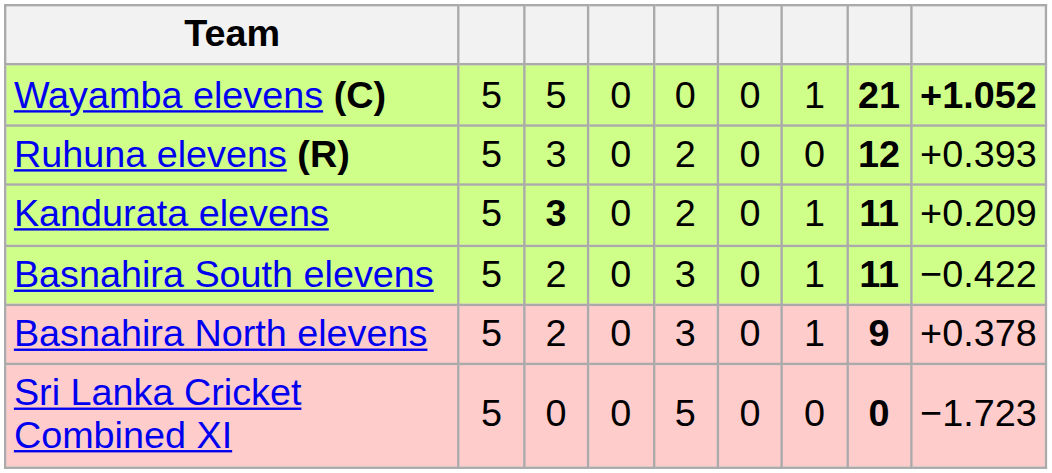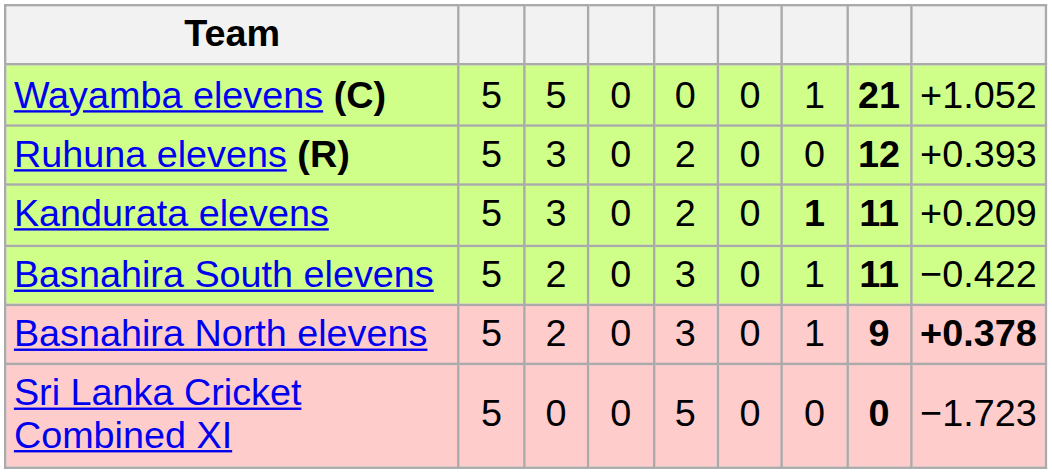 <table class="wikitable" style="text-align:center;">
 <tr>
 <th width=185>Team</th>
 <th width=20></th>
 <th width=20></th>
 <th width=20></th>
 <th width=20></th>
 <th width=20></th>
 <th width=20></th>
 <th width=20></th>
 <th width=20></th>
 </tr>
 <tr style="background:#cfff88;">
 <td style="text-align:left;"><a href='#'>Wayamba elevens</a> <strong>(C)</strong></td>
 <td>5</td>
 <td>5</td>
 <td>0</td>
 <td>0</td>
 <td>0</td>
 <td>1</td>
 <td><strong>21</strong></td>
-<td><strong>+1.052</strong></td>
+<td>+1.052</td>
 </tr>
 <tr style="background:#cfff88;">
 <td style="text-align:left;"><a href='#'>Ruhuna elevens</a> <strong>(R)</strong></td>
 <td>5</td>
 <td>3</td>
 <td>0</td>
 <td>2</td>
 <td>0</td>
 <td>0</td>
 <td><strong>12</strong></td>
 <td>+0.393</td>
 </tr>
 <tr style="background:#cfff88;">
 <td style="text-align:left;"><a href='#'>Kandurata elevens</a></td>
 <td>5</td>
-<td><strong>3</strong></td>
+<td>3</td>
 <td>0</td>
 <td>2</td>
 <td>0</td>
-<td>1</td>
+<td><strong>1</strong></td>
 <td><strong>11</strong></td>
 <td>+0.209</td>
 </tr>
 <tr style="background:#cfff88;">
 <td style="text-align:left;"><a href='#'>Basnahira South elevens</a></td>
 <td>5</td>
 <td>2</td>
 <td>0</td>
 <td>3</td>
 <td>0</td>
 <td>1</td>
 <td><strong>11</strong></td>
 <td>−0.422</td>
 </tr>
 <tr style="background:#fcc;">
 <td style="text-align:left;"><a href='#'>Basnahira North elevens</a></td>
 <td>5</td>
 <td>2</td>
 <td>0</td>
 <td>3</td>
 <td>0</td>
 <td>1</td>
 <td><strong>9</strong></td>
-<td>+0.378</td>
+<td><strong>+0.378</strong></td>
 </tr>
 <tr style="background:#fcc;">
 <td style="text-align:left;"><a href='#'>Sri Lanka Cricket Combined XI</a></td>
 <td>5</td>
 <td>0</td>
 <td>0</td>
 <td>5</td>
 <td>0</td>
 <td>0</td>
 <td><strong>0</strong></td>
 <td>−1.723</td>
 </tr>
 </table>
